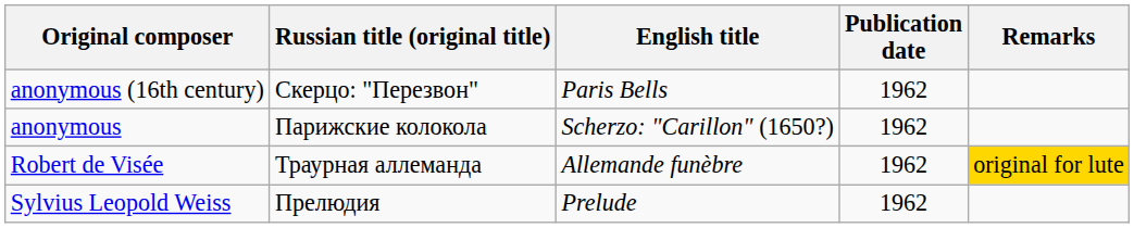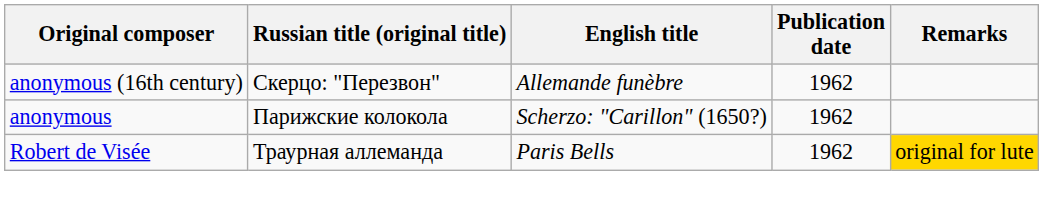 <table class="wikitable" style="margins:auto; width=95%;">
 <tr>
 <th>Original composer</th>
 <th>Russian title (original title)</th>
 <th>English title</th>
 <th width="75">Publication<br>date</th>
 <th>Remarks</th>
 </tr>
 <tr>
 <td><a href='#'>anonymous</a> (16th century)</td>
 <td>Скерцо: "Перезвон"</td>
-<td><em>Paris Bells</em></td>
+<td><em>Allemande funèbre</em></td>
 <td align=center>1962</td>
 <td></td>
 </tr>
 <tr>
 <td><a href='#'>anonymous</a></td>
 <td>Парижские колокола</td>
 <td><em>Scherzo: "Carillon"</em> (1650?)</td>
 <td align=center>1962</td>
 <td></td>
 </tr>
 <tr>
 <td><a href='#'>Robert de Visée</a></td>
 <td>Траурная аллеманда</td>
-<td><em>Allemande funèbre</em></td>
+<td><em>Paris Bells</em></td>
 <td align=center>1962</td>
 <td style="background: gold;">original for lute</td>
 </tr>
-<tr>
-<td><a href='#'>Sylvius Leopold Weiss</a></td>
-<td>Прелюдия</td>
-<td><em>Prelude</em></td>
-<td align=center>1962</td>
-<td></td>
-</tr>
 </table>
